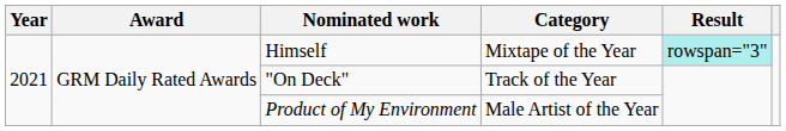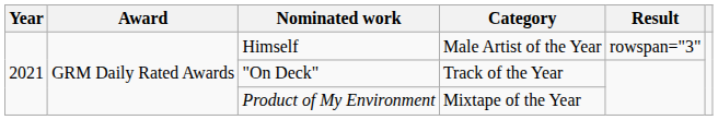 <table class="wikitable sortable plainrowheaders" style="width: auto;">
 <tr>
 <th scope="col">Year</th>
 <th scope="col">Award</th>
 <th scope="col">Nominated work</th>
 <th scope="col">Category</th>
 <th scope="col">Result</th>
 <th scope="col" class="unsortable"></th>
 </tr>
 <tr>
 <td rowspan="3">2021</td>
 <td rowspan="3">GRM Daily Rated Awards</td>
 <td>Himself</td>
-<td>Mixtape of the Year</td>
-<td style="background: paleturquoise;">rowspan="3" </td>
+<td>Male Artist of the Year</td>
+<td>rowspan="3" </td>
 <td rowspan="3"></td>
 </tr>
 <tr>
 <td>"On Deck"</td>
 <td>Track of the Year</td>
 </tr>
 <tr>
 <td><em>Product of My Environment</em></td>
-<td>Male Artist of the Year</td>
+<td>Mixtape of the Year</td>
 </tr>
 </table>
